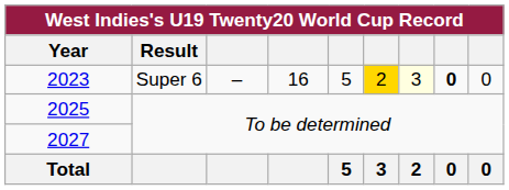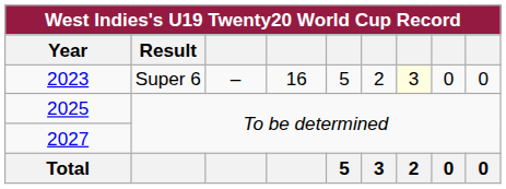 <table class="wikitable" style="font-size:90%; text-align:center">
 <tr>
 <th style="color:white; background:#951A42;" colspan=9>West Indies's U19 Twenty20 World Cup Record</th>
 </tr>
 <tr>
 <th width="90">Year</th>
 <th>Result</th>
 <th width="40"></th>
 <th width="40"></th>
 <th width="20"></th>
 <th width="20"></th>
 <th width="20"></th>
 <th width="20"></th>
 <th width="20"></th>
 </tr>
 <tr>
 <td> <a href='#'>2023</a></td>
 <td>Super 6</td>
 <td>–</td>
 <td>16</td>
 <td>5</td>
-<td style="background: gold;">2</td>
+<td>2</td>
 <td style="background: lightyellow;">3</td>
-<td><strong>0</strong></td>
+<td>0</td>
 <td>0</td>
 </tr>
 <tr>
 <td> <a href='#'>2025</a></td>
 <td colspan="8" rowspan="2"><em>To be  determined</em></td>
 </tr>
 <tr>
 <td> <a href='#'>2027</a></td>
 </tr>
 <tr>
 <th>Total</th>
 <th></th>
 <th></th>
 <th></th>
 <th>5</th>
 <th>3</th>
 <th>2</th>
 <th>0</th>
 <th>0</th>
 </tr>
 </table>
